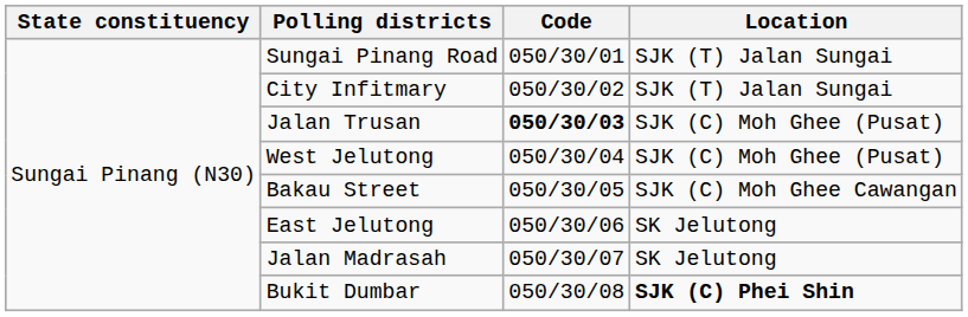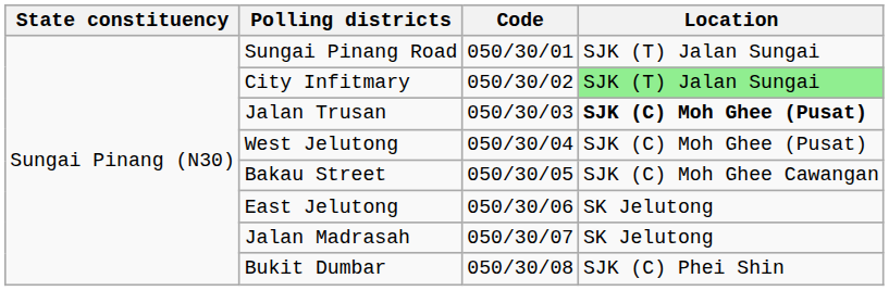 <table class="wikitable sortable mw-collapsible" style="white-space:nowrap;font-size:85%">
 <tr>
 <th>State constituency</th>
 <th>Polling districts</th>
 <th>Code</th>
 <th>Location</th>
 </tr>
 <tr>
 <td rowspan="8">Sungai Pinang (N30)</td>
 <td>Sungai Pinang Road</td>
 <td>050/30/01</td>
 <td>SJK (T) Jalan Sungai</td>
 </tr>
 <tr>
 <td>City Infitmary</td>
 <td>050/30/02</td>
-<td>SJK (T) Jalan Sungai</td>
+<td style="background: lightgreen;">SJK (T) Jalan Sungai</td>
 </tr>
 <tr>
 <td>Jalan Trusan</td>
-<td><strong>050/30/03</strong></td>
-<td>SJK (C) Moh Ghee (Pusat)</td>
+<td>050/30/03</td>
+<td><strong>SJK (C) Moh Ghee (Pusat)</strong></td>
 </tr>
 <tr>
 <td>West Jelutong</td>
 <td>050/30/04</td>
 <td>SJK (C) Moh Ghee (Pusat)</td>
 </tr>
 <tr>
 <td>Bakau Street</td>
 <td>050/30/05</td>
 <td>SJK (C) Moh Ghee Cawangan</td>
 </tr>
 <tr>
 <td>East Jelutong</td>
 <td>050/30/06</td>
 <td>SK Jelutong</td>
 </tr>
 <tr>
 <td>Jalan Madrasah</td>
 <td>050/30/07</td>
 <td>SK Jelutong</td>
 </tr>
 <tr>
 <td>Bukit Dumbar</td>
 <td>050/30/08</td>
-<td><strong>SJK (C) Phei Shin</strong></td>
+<td>SJK (C) Phei Shin</td>
 </tr>
 </table>
